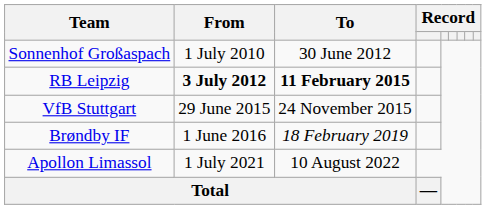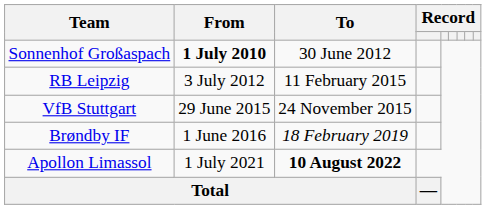 <table class="wikitable" style="text-align: center">
 <tr>
 <th rowspan="2">Team</th>
 <th rowspan="2">From</th>
 <th rowspan="2">To</th>
 <th colspan="6">Record</th>
 </tr>
 <tr>
 <th></th>
 <th></th>
 <th></th>
 <th></th>
 <th></th>
 <th></th>
 </tr>
 <tr>
 <td><a href='#'>Sonnenhof Großaspach</a></td>
-<td>1 July 2010</td>
+<td><strong>1 July 2010</strong></td>
 <td>30 June 2012<br></td>
 <td></td>
 </tr>
 <tr>
 <td><a href='#'>RB Leipzig</a></td>
-<td><strong>3 July 2012</strong></td>
-<td><strong>11 February 2015<br> </strong></td>
+<td>3 July 2012</td>
+<td>11 February 2015<br> </td>
 <td></td>
 </tr>
 <tr>
 <td><a href='#'>VfB Stuttgart</a></td>
 <td>29 June 2015</td>
 <td>24 November 2015<br></td>
 <td></td>
 </tr>
 <tr>
 <td><a href='#'>Brøndby IF</a></td>
 <td>1 June 2016</td>
 <td><em>18 February 2019</em><br></td>
 <td></td>
 </tr>
 <tr>
 <td><a href='#'>Apollon Limassol</a></td>
 <td>1 July 2021</td>
-<td>10 August 2022<br></td>
+<td><strong>10 August 2022<br></strong></td>
 </tr>
 <tr>
 <th colspan="3">Total<br></th>
 <th>—</th>
 </tr>
 </table>
